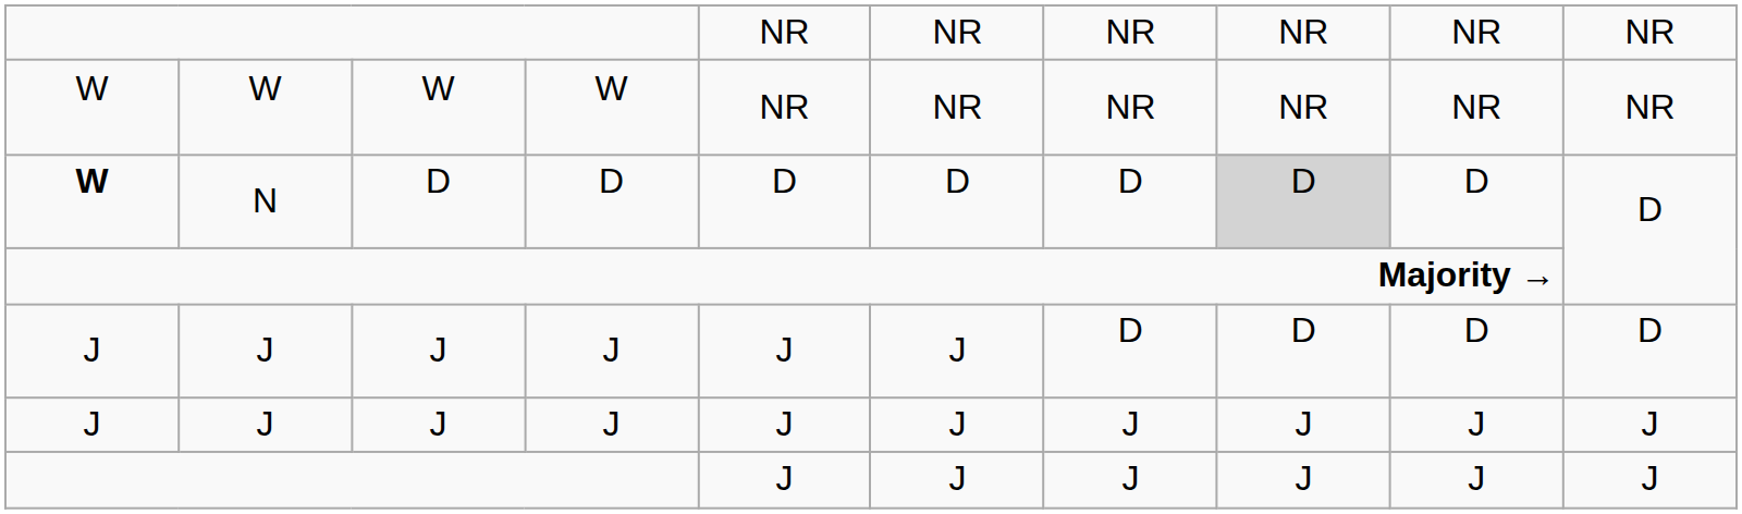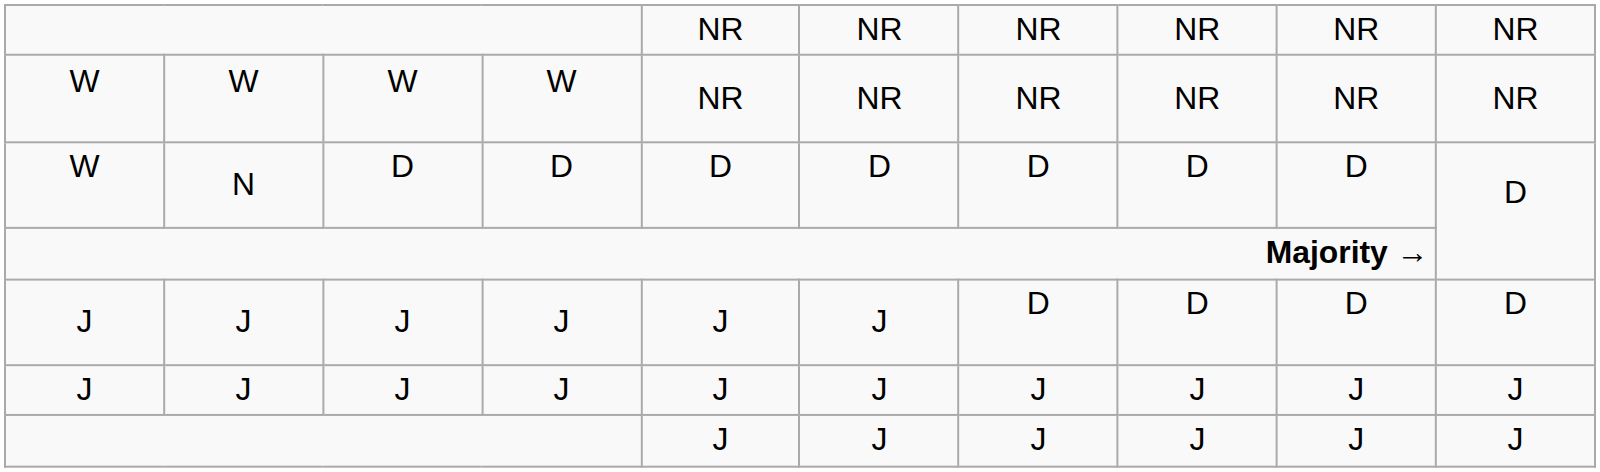 <table class="wikitable" style="text-align:center" width=800px>
 <tr>
 <td colspan=4></td>
 <td>NR</td>
 <td>NR</td>
 <td>NR</td>
 <td>NR</td>
 <td>NR</td>
 <td>NR</td>
 </tr>
 <tr>
 <td width=50px >W<br><br></td>
 <td width=50px >W<br><br></td>
 <td width=50px >W<br><br></td>
 <td width=50px >W<br><br></td>
 <td width=50px >NR</td>
 <td width=50px >NR</td>
 <td width=50px >NR</td>
 <td width=50px >NR</td>
 <td width=50px >NR</td>
 <td width=50px >NR</td>
 </tr>
 <tr>
-<td><strong>W<br><br></strong></td>
+<td>W<br><br></td>
 <td>N</td>
 <td>D<br><br></td>
 <td>D<br><br></td>
 <td>D<br><br></td>
 <td>D<br><br></td>
 <td>D<br><br></td>
-<td style="background: lightgrey;">D<br><br></td>
+<td>D<br><br></td>
 <td>D<br><br></td>
 <td rowspan=2 >D<br><br></td>
 </tr>
 <tr>
 <td colspan=9 align=right><strong>Majority →</strong></td>
 </tr>
 <tr>
 <td>J</td>
 <td>J</td>
 <td>J</td>
 <td>J</td>
 <td>J</td>
 <td>J</td>
 <td>D<br><br></td>
 <td>D<br><br></td>
 <td>D<br><br></td>
 <td>D<br><br></td>
 </tr>
 <tr>
 <td>J</td>
 <td>J</td>
 <td>J</td>
 <td>J</td>
 <td>J</td>
 <td>J</td>
 <td>J</td>
 <td>J</td>
 <td>J</td>
 <td>J</td>
 </tr>
 <tr>
 <td colspan=4></td>
 <td>J</td>
 <td>J</td>
 <td>J</td>
 <td>J</td>
 <td>J</td>
 <td>J</td>
 </tr>
 </table>
